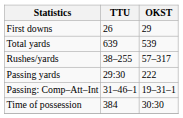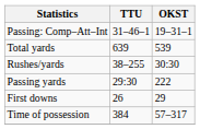 <table class="wikitable" style="float: left;">
 <tr>
 <th>Statistics</th>
 <th>TTU</th>
 <th>OKST</th>
 </tr>
 <tr>
-<td>First downs</td>
-<td>26</td>
-<td>29</td>
+<td>Passing: Comp–Att–Int</td>
+<td>31–46–1</td>
+<td>19–31–1</td>
 </tr>
 <tr>
 <td>Total yards</td>
 <td>639</td>
 <td>539</td>
 </tr>
 <tr>
 <td>Rushes/yards</td>
 <td>38–255</td>
-<td>57–317</td>
+<td>30:30</td>
 </tr>
 <tr>
 <td>Passing yards</td>
 <td>29:30</td>
 <td>222</td>
 </tr>
 <tr>
-<td>Passing: Comp–Att–Int</td>
-<td>31–46–1</td>
-<td>19–31–1</td>
+<td>First downs</td>
+<td>26</td>
+<td>29</td>
 </tr>
 <tr>
 <td>Time of possession</td>
 <td>384</td>
-<td>30:30</td>
+<td>57–317</td>
 </tr>
 <tr>
 </tr>
 </table>
